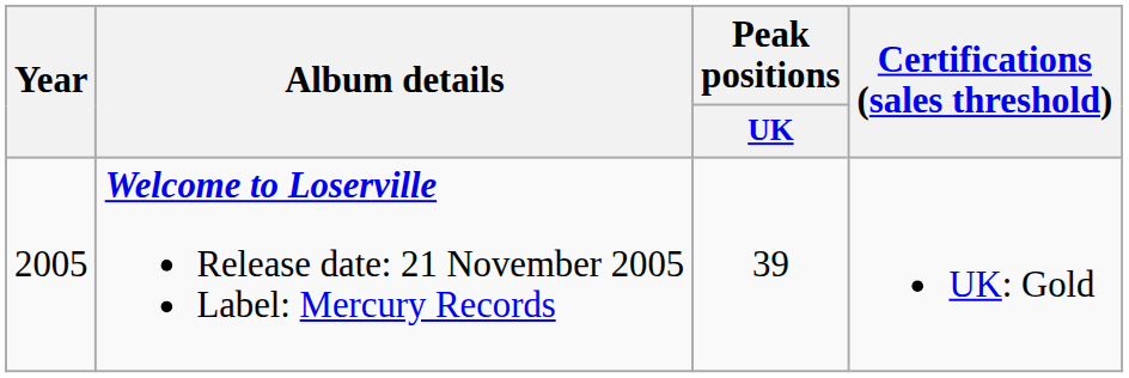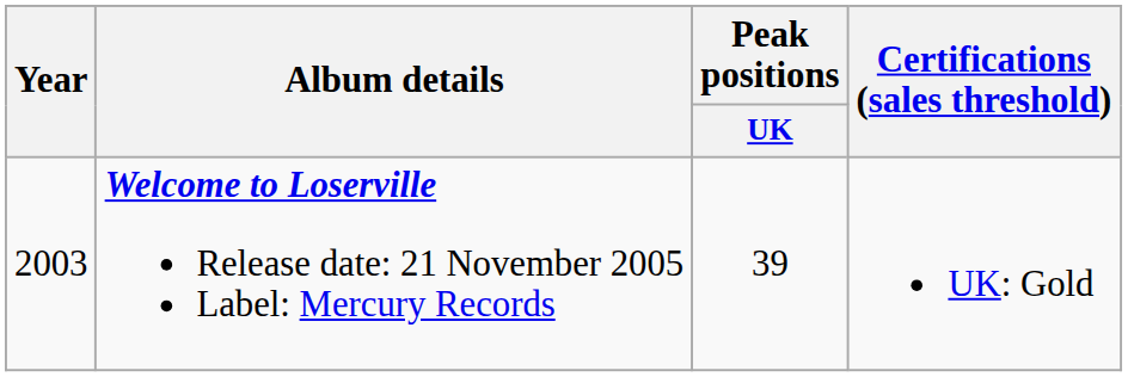 <table class="wikitable" style="text-align:center;">
 <tr>
 <th rowspan="2">Year</th>
 <th rowspan="2">Album details</th>
 <th>Peak positions</th>
 <th rowspan="2"><a href='#'>Certifications</a><br>(<a href='#'>sales threshold</a>)</th>
 </tr>
 <tr style="font-size:smaller;">
 <th style="width:40px;"><a href='#'>UK</a><br></th>
 </tr>
 <tr>
-<td>2005</td>
+<td>2003</td>
 <td style="text-align:left;"><strong><em><a href='#'>Welcome to Loserville</a></em></strong><br><ul><li>Release date: 21 November 2005</li><li>Label: <a href='#'>Mercury Records</a></li></ul></td>
 <td>39</td>
 <td style="text-align:left;"><br><ul><li><a href='#'>UK</a>: Gold</li></ul></td>
 </tr>
 </table>
